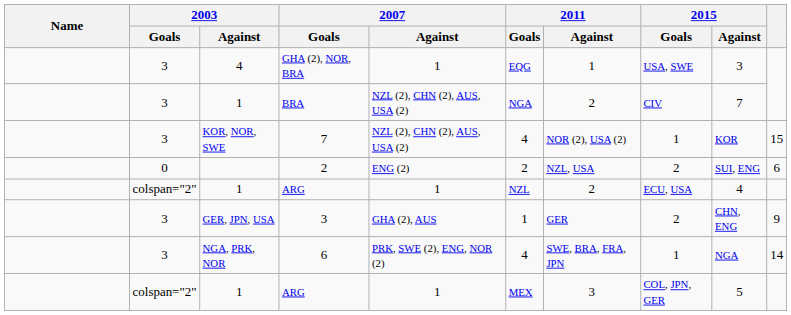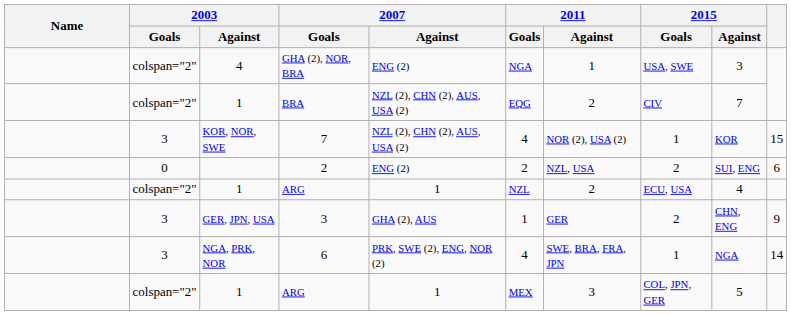 <table class="wikitable sortable" style="font-size: 90%;">
 <tr>
 <th rowspan="2" width="16%">Name<br></th>
 <th colspan="2"> <a href='#'>2003</a></th>
 <th colspan="2"> <a href='#'>2007</a></th>
 <th colspan="2"> <a href='#'>2011</a></th>
 <th colspan="2"> <a href='#'>2015</a></th>
 <th rowspan="2"></th>
 </tr>
 <tr>
 <th>Goals</th>
 <th class="unsortable">Against</th>
 <th>Goals</th>
 <th class="unsortable">Against</th>
 <th>Goals</th>
 <th class="unsortable">Against</th>
 <th>Goals</th>
 <th class="unsortable">Against</th>
 </tr>
 <tr>
 <td></td>
-<td align="center">3</td>
+<td>colspan="2" </td>
 <td align="center">4</td>
 <td><small><a href='#'>GHA</a> (2), <a href='#'>NOR</a>, <a href='#'>BRA</a></small></td>
-<td align="center">1</td>
-<td><small><a href='#'>EQG</a></small></td>
+<td><small><a href='#'>ENG</a> (2)</small></td>
+<td><small><a href='#'>NGA</a></small></td>
 <td align="center">1</td>
 <td><small><a href='#'>USA</a>, <a href='#'>SWE</a></small></td>
 <td align="center">3</td>
 </tr>
 <tr>
 <td></td>
-<td align="center">3</td>
+<td>colspan="2" </td>
 <td align="center">1</td>
 <td><small><a href='#'>BRA</a></small></td>
 <td><small><a href='#'>NZL</a> (2), <a href='#'>CHN</a> (2), <a href='#'>AUS</a>, <a href='#'>USA</a> (2)</small></td>
-<td><small><a href='#'>NGA</a></small></td>
+<td><small><a href='#'>EQG</a></small></td>
 <td align="center">2</td>
 <td><small><a href='#'>CIV</a></small></td>
 <td align="center">7</td>
 </tr>
 <tr>
 <td></td>
 <td align="center">3</td>
 <td><small><a href='#'>KOR</a>, <a href='#'>NOR</a>, <a href='#'>SWE</a></small></td>
 <td align="center">7</td>
 <td><small><a href='#'>NZL</a> (2), <a href='#'>CHN</a> (2), <a href='#'>AUS</a>, <a href='#'>USA</a> (2)</small></td>
 <td align="center">4</td>
 <td><small><a href='#'>NOR</a> (2), <a href='#'>USA</a> (2)</small></td>
 <td align="center">1</td>
 <td><small><a href='#'>KOR</a></small></td>
 <td align="center">15</td>
 </tr>
 <tr>
 <td></td>
 <td align="center">0</td>
 <td></td>
 <td align="center">2</td>
 <td><small><a href='#'>ENG</a> (2)</small></td>
 <td align="center">2</td>
 <td><small><a href='#'>NZL</a>, <a href='#'>USA</a></small></td>
 <td align="center">2</td>
 <td><small><a href='#'>SUI</a>, <a href='#'>ENG</a></small></td>
 <td align="center">6</td>
 </tr>
 <tr>
 <td></td>
 <td>colspan="2" </td>
 <td align="center">1</td>
 <td><small><a href='#'>ARG</a></small></td>
 <td align="center">1</td>
 <td><small><a href='#'>NZL</a></small></td>
 <td align="center">2</td>
 <td><small><a href='#'>ECU</a>, <a href='#'>USA</a></small></td>
 <td align="center">4</td>
 </tr>
 <tr>
 <td></td>
 <td align="center">3</td>
 <td><small><a href='#'>GER</a>, <a href='#'>JPN</a>, <a href='#'>USA</a></small></td>
 <td align="center">3</td>
 <td><small><a href='#'>GHA</a> (2), <a href='#'>AUS</a></small></td>
 <td align="center">1</td>
 <td><small><a href='#'>GER</a></small></td>
 <td align="center">2</td>
 <td><small><a href='#'>CHN</a>, <a href='#'>ENG</a></small></td>
 <td align="center">9</td>
 </tr>
 <tr>
 <td></td>
 <td align="center">3</td>
 <td><small><a href='#'>NGA</a>, <a href='#'>PRK</a>, <a href='#'>NOR</a></small></td>
 <td align="center">6</td>
 <td><small><a href='#'>PRK</a>, <a href='#'>SWE</a> (2), <a href='#'>ENG</a>, <a href='#'>NOR</a> (2)</small></td>
 <td align="center">4</td>
 <td><small><a href='#'>SWE</a>, <a href='#'>BRA</a>, <a href='#'>FRA</a>, <a href='#'>JPN</a></small></td>
 <td align="center">1</td>
 <td><small><a href='#'>NGA</a></small></td>
 <td align="center">14</td>
 </tr>
 <tr>
 <td></td>
 <td>colspan="2" </td>
 <td align="center">1</td>
 <td><small><a href='#'>ARG</a></small></td>
 <td align="center">1</td>
 <td><small><a href='#'>MEX</a></small></td>
 <td align="center">3</td>
 <td><small><a href='#'>COL</a>, <a href='#'>JPN</a>, <a href='#'>GER</a></small></td>
 <td align="center">5</td>
 </tr>
 </table>
